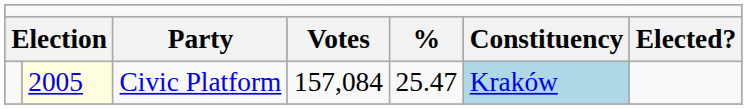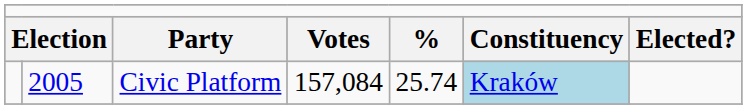 <table class = 'wikitable'>
 <tr>
 <td colspan="7"></td>
 </tr>
 <tr>
 <th colspan="2">Election</th>
 <th>Party</th>
 <th>Votes</th>
 <th>%</th>
 <th>Constituency</th>
 <th>Elected?</th>
 </tr>
 <tr>
 <td style="background-color: "></td>
-<td style="background: lightyellow;"><a href='#'>2005</a></td>
+<td><a href='#'>2005</a></td>
 <td><a href='#'>Civic Platform</a></td>
 <td>157,084</td>
-<td>25.47</td>
+<td>25.74</td>
 <td style="background: lightblue;"><a href='#'>Kraków</a></td>
 <td></td>
 </tr>
 </table>
